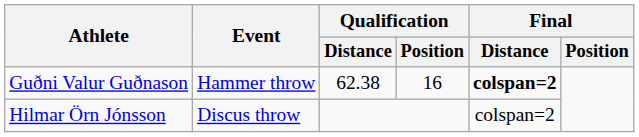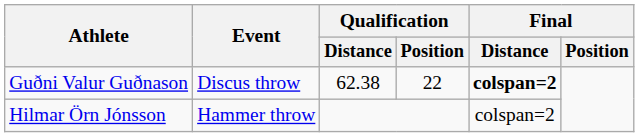 <table class=wikitable style=font-size:90%>
 <tr>
 <th rowspan=2>Athlete</th>
 <th rowspan=2>Event</th>
 <th colspan=2>Qualification</th>
 <th colspan=2>Final</th>
 </tr>
 <tr style=font-size:95%>
 <th>Distance</th>
 <th>Position</th>
 <th>Distance</th>
 <th>Position</th>
 </tr>
 <tr align=center>
 <td align=left><a href='#'>Guðni Valur Guðnason</a></td>
-<td align=left><a href='#'>Hammer throw</a></td>
+<td align=left><a href='#'>Discus throw</a></td>
 <td>62.38</td>
-<td>16</td>
+<td>22</td>
 <td><strong>colspan=2 </strong></td>
 </tr>
 <tr align=center>
 <td align=left><a href='#'>Hilmar Örn Jónsson</a></td>
-<td align=left><a href='#'>Discus throw</a></td>
+<td align=left><a href='#'>Hammer throw</a></td>
 <td colspan=2></td>
 <td>colspan=2 </td>
 </tr>
 </table>
